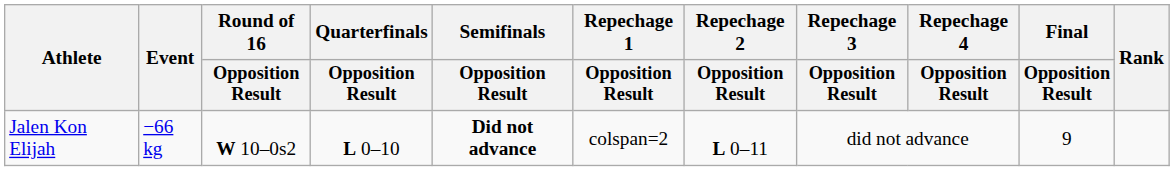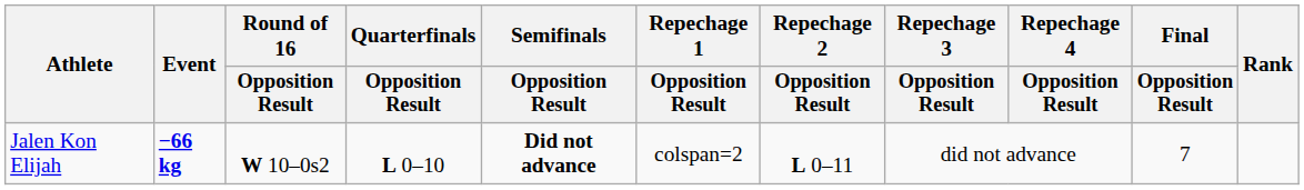 <table class="wikitable" style="font-size:90%">
 <tr>
 <th rowspan="2">Athlete</th>
 <th rowspan="2">Event</th>
 <th>Round of 16</th>
 <th>Quarterfinals</th>
 <th>Semifinals</th>
 <th>Repechage 1</th>
 <th>Repechage 2</th>
 <th>Repechage 3</th>
 <th>Repechage 4</th>
 <th>Final</th>
 <th rowspan=2>Rank</th>
 </tr>
 <tr style="font-size:95%">
 <th>Opposition<br>Result</th>
 <th>Opposition<br>Result</th>
 <th>Opposition<br>Result</th>
 <th>Opposition<br>Result</th>
 <th>Opposition<br>Result</th>
 <th>Opposition<br>Result</th>
 <th>Opposition<br>Result</th>
 <th>Opposition<br>Result</th>
 </tr>
 <tr align=center>
 <td align=left><a href='#'>Jalen Kon Elijah</a></td>
-<td align=left><a href='#'>−66 kg</a></td>
+<td align=left><strong><a href='#'>−66 kg</a></strong></td>
 <td><br><strong>W</strong> 10–0s2</td>
 <td><br> <strong>L</strong> 0–10</td>
 <td><strong>Did not advance</strong></td>
 <td>colspan=2 </td>
 <td><br> <strong>L</strong> 0–11</td>
 <td colspan=2>did not advance</td>
-<td>9</td>
+<td>7</td>
 </tr>
 </table>
